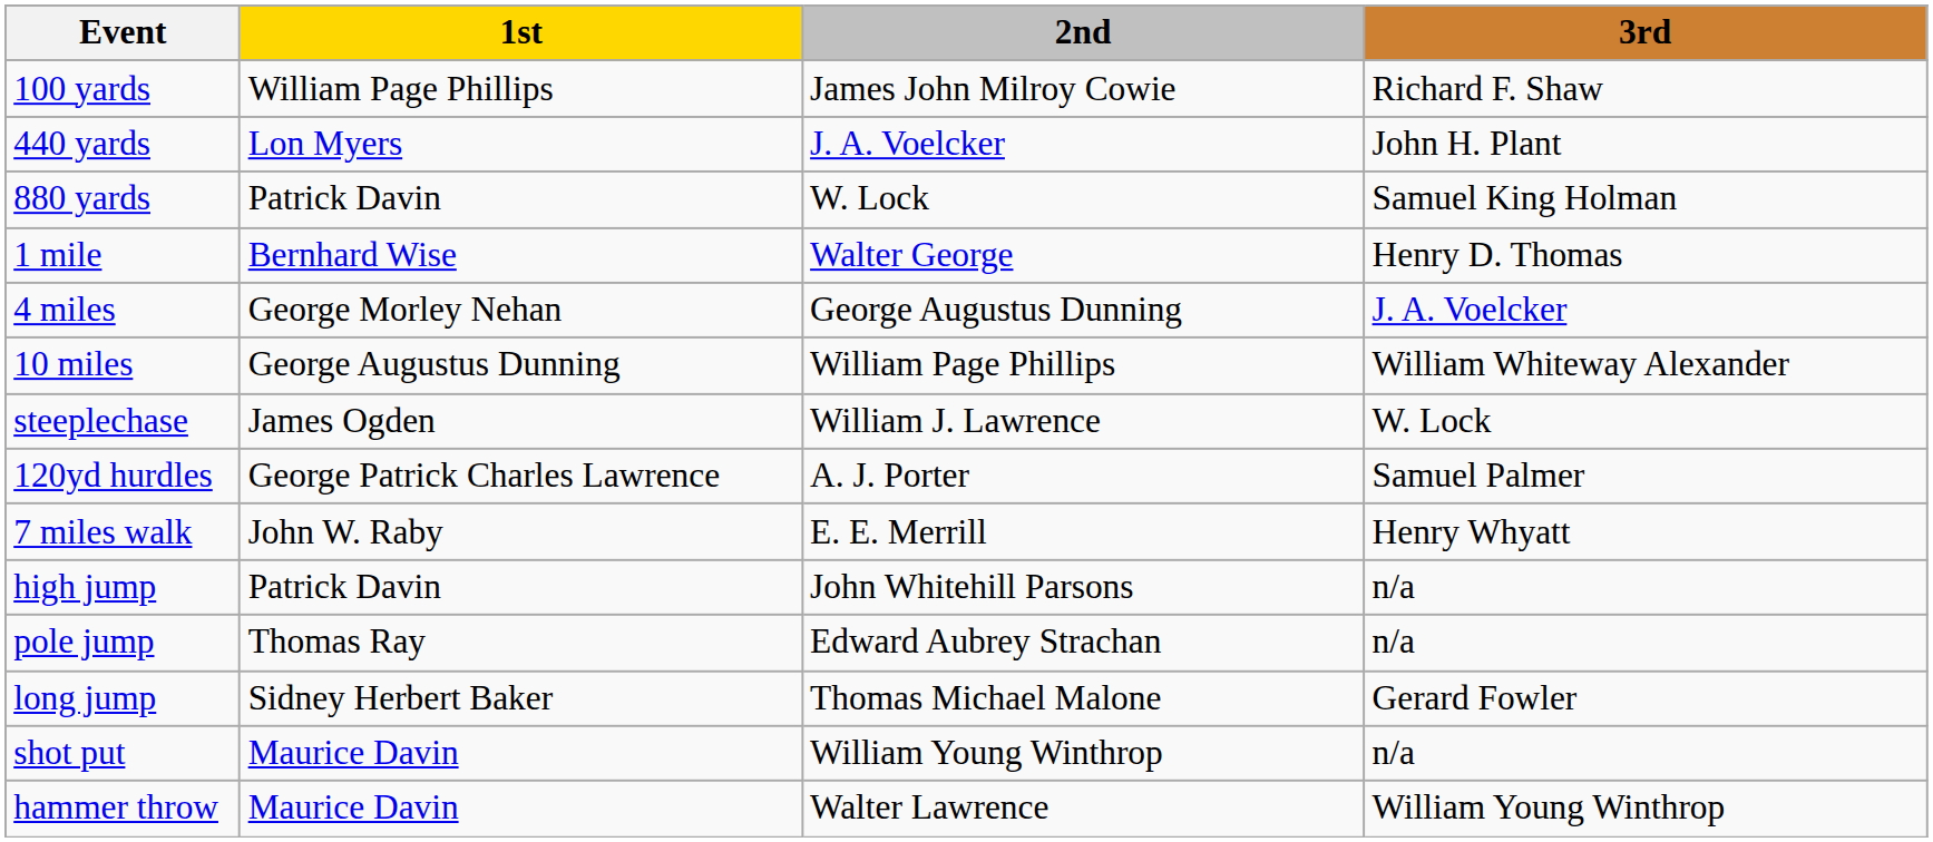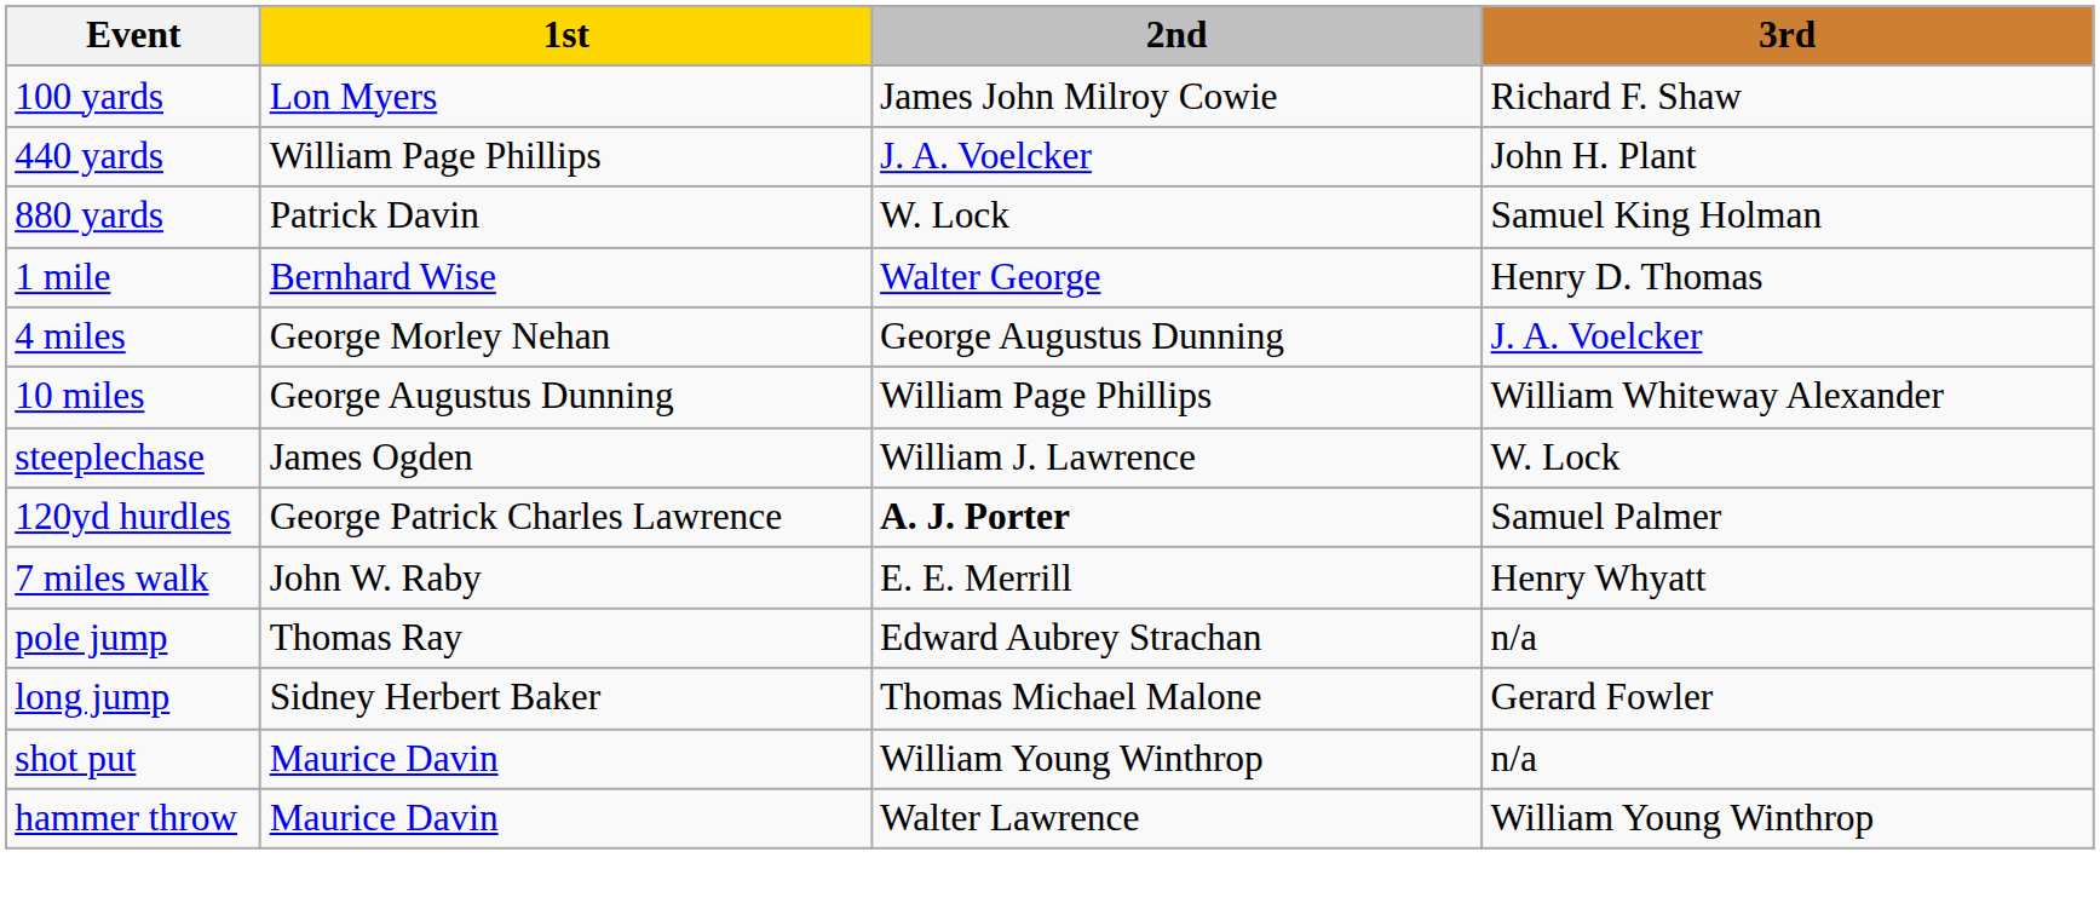 <table class="wikitable" style="text-align:left">
 <tr>
 <th width=100>Event</th>
 <th width="250" style="background:gold;">1st</th>
 <th width="250" style="background:silver;">2nd</th>
 <th width="250" style="background:#CD7F32;">3rd</th>
 </tr>
 <tr>
 <td><a href='#'>100 yards</a></td>
-<td>William Page Phillips</td>
+<td> <a href='#'>Lon Myers</a></td>
 <td> James John Milroy Cowie</td>
 <td>Richard F. Shaw</td>
 </tr>
 <tr>
 <td><a href='#'>440 yards</a></td>
-<td> <a href='#'>Lon Myers</a></td>
+<td>William Page Phillips</td>
 <td><a href='#'>J. A. Voelcker</a></td>
 <td>John H. Plant</td>
 </tr>
 <tr>
 <td><a href='#'>880 yards</a></td>
 <td> Patrick Davin</td>
 <td>W. Lock</td>
 <td>Samuel King Holman</td>
 </tr>
 <tr>
 <td><a href='#'>1 mile</a></td>
 <td> <a href='#'>Bernhard Wise</a></td>
 <td><a href='#'>Walter George</a></td>
 <td>Henry D. Thomas</td>
 </tr>
 <tr>
 <td><a href='#'>4 miles</a></td>
 <td>George Morley Nehan</td>
 <td>George Augustus Dunning</td>
 <td><a href='#'>J. A. Voelcker</a></td>
 </tr>
 <tr>
 <td><a href='#'>10 miles</a></td>
 <td>George Augustus Dunning</td>
 <td>William Page Phillips</td>
 <td>William Whiteway Alexander</td>
 </tr>
 <tr>
 <td><a href='#'>steeplechase</a></td>
 <td>James Ogden</td>
 <td>William J. Lawrence</td>
 <td>W. Lock</td>
 </tr>
 <tr>
 <td><a href='#'>120yd hurdles</a></td>
 <td>George Patrick Charles Lawrence</td>
-<td>A. J. Porter</td>
+<td><strong>A. J. Porter</strong></td>
 <td>Samuel Palmer</td>
 </tr>
 <tr>
 <td><a href='#'>7 miles walk</a></td>
 <td>John W. Raby</td>
 <td> E. E. Merrill</td>
 <td>Henry Whyatt</td>
-</tr>
-<tr>
-<td><a href='#'>high jump</a></td>
-<td> Patrick Davin</td>
-<td> John Whitehill Parsons</td>
-<td>n/a</td>
 </tr>
 <tr>
 <td><a href='#'>pole jump</a></td>
 <td>Thomas Ray</td>
 <td>Edward Aubrey Strachan</td>
 <td>n/a</td>
 </tr>
 <tr>
 <td><a href='#'>long jump</a></td>
 <td>Sidney Herbert Baker</td>
 <td> Thomas Michael Malone</td>
 <td>Gerard Fowler</td>
 </tr>
 <tr>
 <td><a href='#'>shot put</a></td>
 <td> <a href='#'>Maurice Davin</a></td>
 <td>William Young Winthrop</td>
 <td>n/a</td>
 </tr>
 <tr>
 <td><a href='#'>hammer throw</a></td>
 <td> <a href='#'>Maurice Davin</a></td>
 <td>Walter Lawrence</td>
 <td>William Young Winthrop</td>
 </tr>
 </table>
